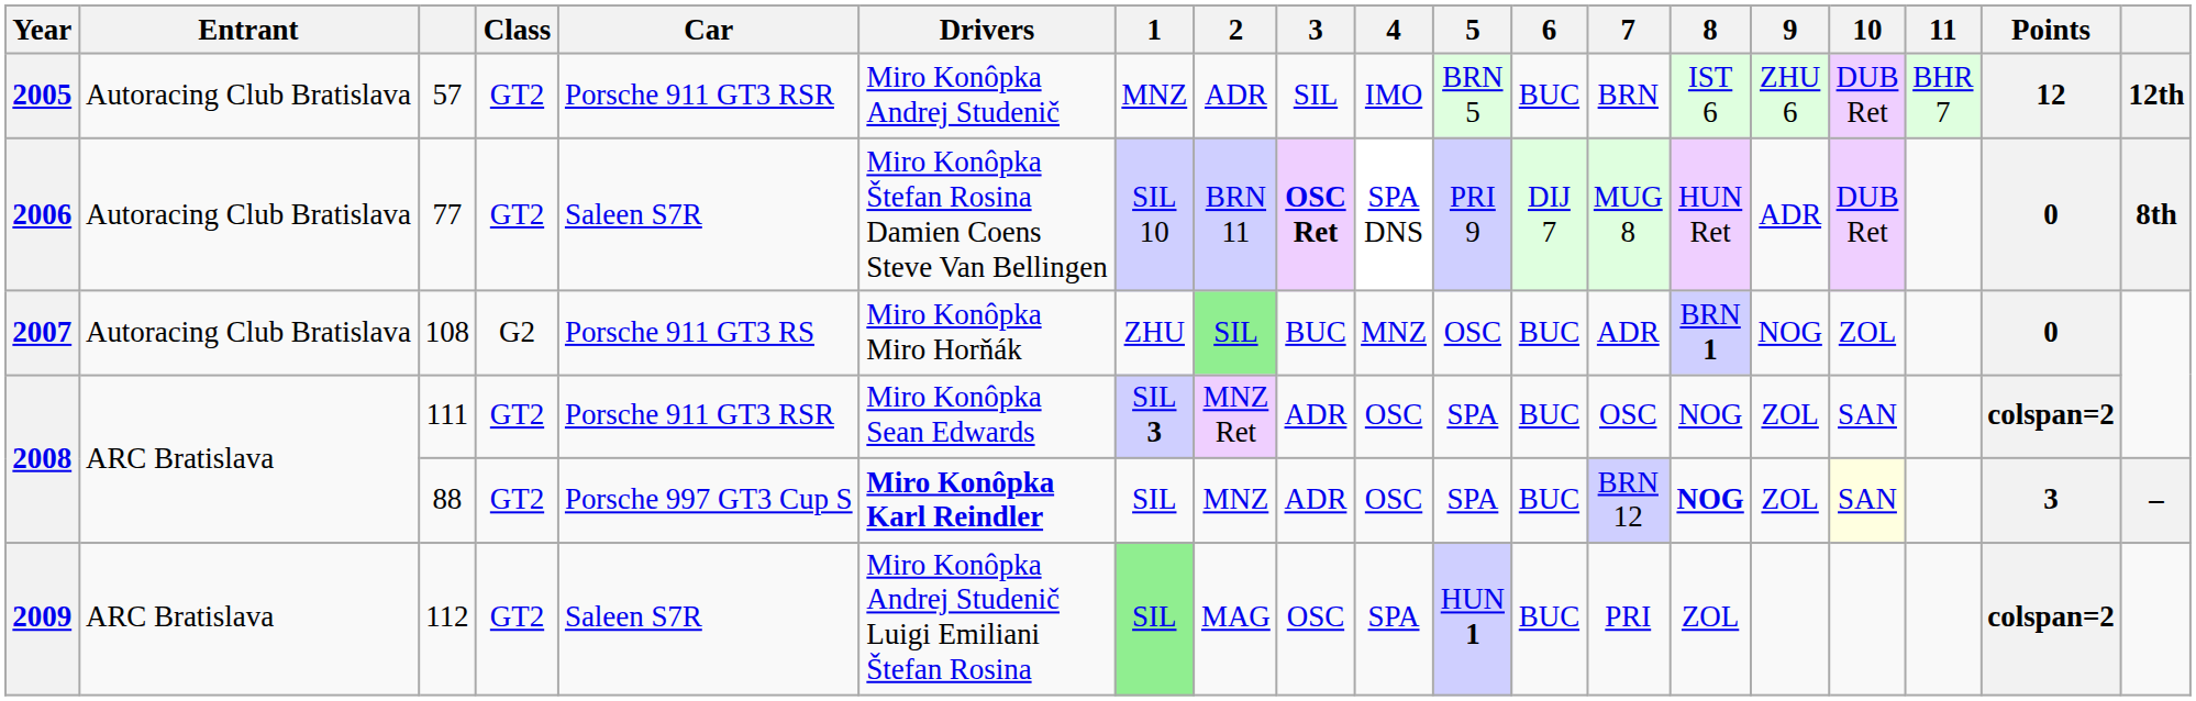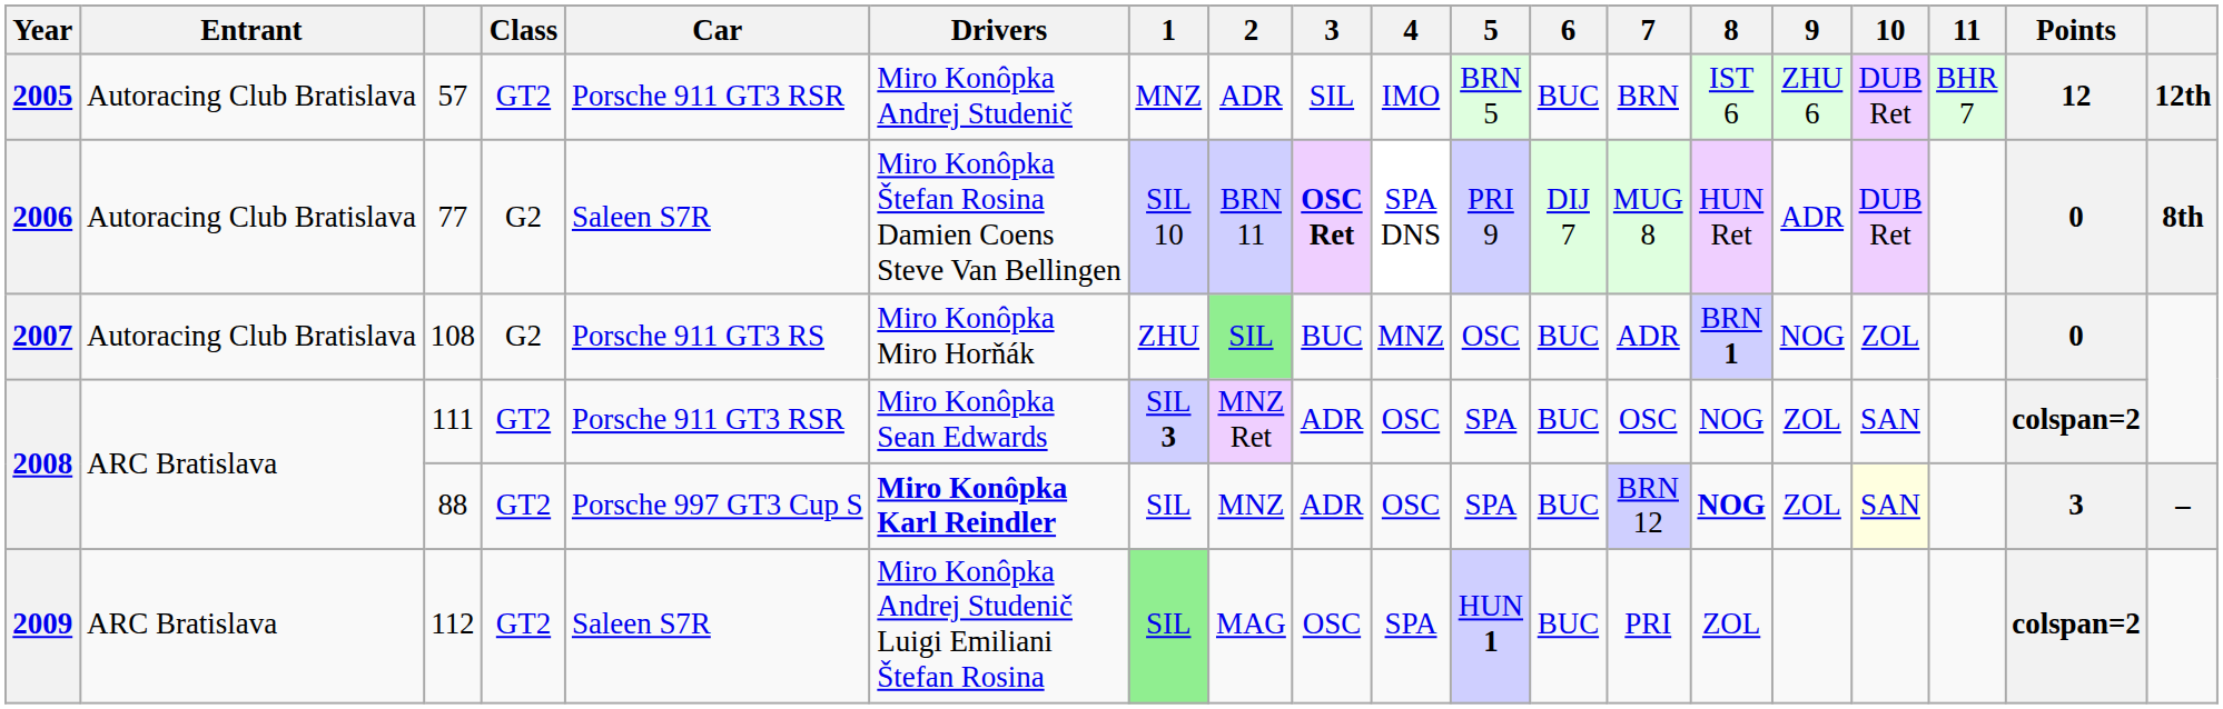 <table class="wikitable" style="text-align:center; font-size:85%">
 <tr>
 <th>Year</th>
 <th>Entrant</th>
 <th></th>
 <th>Class</th>
 <th>Car</th>
 <th>Drivers</th>
 <th>1</th>
 <th>2</th>
 <th>3</th>
 <th>4</th>
 <th>5</th>
 <th>6</th>
 <th>7</th>
 <th>8</th>
 <th>9</th>
 <th>10</th>
 <th>11</th>
 <th>Points</th>
 <th></th>
 </tr>
 <tr>
 <th><a href='#'>2005</a></th>
 <td align="left"> Autoracing Club Bratislava</td>
 <td>57</td>
 <td><a href='#'>GT2</a></td>
 <td align="left"><a href='#'>Porsche 911 GT3 RSR</a></td>
 <td align="left"> <a href='#'>Miro Konôpka</a><br> <a href='#'>Andrej Studenič</a></td>
 <td><a href='#'>MNZ</a></td>
 <td><a href='#'>ADR</a></td>
 <td><a href='#'>SIL</a></td>
 <td><a href='#'>IMO</a></td>
 <td style="background:#dfffdf;"><a href='#'>BRN</a><br>5</td>
 <td><a href='#'>BUC</a></td>
 <td><a href='#'>BRN</a></td>
 <td style="background:#dfffdf;"><a href='#'>IST</a><br>6</td>
 <td style="background:#dfffdf;"><a href='#'>ZHU</a><br>6</td>
 <td style="background-color:#EFCFFF;"><a href='#'>DUB</a><br>Ret</td>
 <td style="background:#dfffdf;"><a href='#'>BHR</a><br>7</td>
 <th>12</th>
 <th>12th</th>
 </tr>
 <tr>
 <th><a href='#'>2006</a></th>
 <td align="left"> Autoracing Club Bratislava</td>
 <td>77</td>
-<td><a href='#'>GT2</a></td>
+<td>G2</td>
 <td align="left"><a href='#'>Saleen S7R</a></td>
 <td align="left"> <a href='#'>Miro Konôpka</a><br> <a href='#'>Štefan Rosina</a><br> Damien Coens<br> Steve Van Bellingen</td>
 <td style="background:#CFCFFF;"><a href='#'>SIL</a><br>10</td>
 <td style="background:#CFCFFF;"><a href='#'>BRN</a><br>11</td>
 <td style="background-color:#EFCFFF;"><strong><a href='#'>OSC</a><br>Ret</strong></td>
 <td style="background:#FFFFFF;"><a href='#'>SPA</a><br>DNS</td>
 <td style="background:#CFCFFF;"><a href='#'>PRI</a><br>9</td>
 <td style="background:#dfffdf;"><a href='#'>DIJ</a><br>7</td>
 <td style="background:#dfffdf;"><a href='#'>MUG</a><br>8</td>
 <td style="background-color:#EFCFFF;"><a href='#'>HUN</a><br>Ret</td>
 <td><a href='#'>ADR</a></td>
 <td style="background-color:#EFCFFF;"><a href='#'>DUB</a><br>Ret</td>
 <td></td>
 <th>0</th>
 <th>8th</th>
 </tr>
 <tr>
 <th><a href='#'>2007</a></th>
 <td align="left"> Autoracing Club Bratislava</td>
 <td>108</td>
 <td>G2</td>
 <td align="left"><a href='#'>Porsche 911 GT3 RS</a></td>
 <td align="left"> <a href='#'>Miro Konôpka</a><br> Miro Horňák</td>
 <td><a href='#'>ZHU</a></td>
 <td style="background: lightgreen;"><a href='#'>SIL</a></td>
 <td><a href='#'>BUC</a></td>
 <td><a href='#'>MNZ</a></td>
 <td><a href='#'>OSC</a></td>
 <td><a href='#'>BUC</a></td>
 <td><a href='#'>ADR</a></td>
 <td style="background:#CFCFFF;"><a href='#'>BRN</a><br><strong>1</strong></td>
 <td><a href='#'>NOG</a></td>
 <td><a href='#'>ZOL</a></td>
 <td></td>
 <th>0</th>
 </tr>
 <tr>
 <th rowspan=2><a href='#'>2008</a></th>
 <td rowspan=2 align="left"> ARC Bratislava</td>
 <td>111</td>
 <td><a href='#'>GT2</a></td>
 <td align="left"><a href='#'>Porsche 911 GT3 RSR</a></td>
 <td align="left"> <a href='#'>Miro Konôpka</a><br> <a href='#'>Sean Edwards</a></td>
 <td style="background:#CFCFFF;"><a href='#'>SIL</a><br><strong>3</strong></td>
 <td style="background-color:#EFCFFF;"><a href='#'>MNZ</a><br>Ret</td>
 <td><a href='#'>ADR</a></td>
 <td><a href='#'>OSC</a></td>
 <td><a href='#'>SPA</a></td>
 <td><a href='#'>BUC</a></td>
 <td><a href='#'>OSC</a></td>
 <td><a href='#'>NOG</a></td>
 <td><a href='#'>ZOL</a></td>
 <td><a href='#'>SAN</a></td>
 <td></td>
 <th>colspan=2 </th>
 </tr>
 <tr>
 <td>88</td>
 <td><a href='#'>GT2</a></td>
 <td align="left"><a href='#'>Porsche 997 GT3 Cup S</a></td>
 <td align="left"><strong> <a href='#'>Miro Konôpka</a><br> <a href='#'>Karl Reindler</a></strong></td>
 <td><a href='#'>SIL</a></td>
 <td><a href='#'>MNZ</a></td>
 <td><a href='#'>ADR</a></td>
 <td><a href='#'>OSC</a></td>
 <td><a href='#'>SPA</a></td>
 <td><a href='#'>BUC</a></td>
 <td style="background:#CFCFFF;"><a href='#'>BRN</a><br>12</td>
 <td><strong><a href='#'>NOG</a></strong></td>
 <td><a href='#'>ZOL</a></td>
 <td style="background: lightyellow;"><a href='#'>SAN</a></td>
 <td></td>
 <th>3</th>
 <th>–</th>
 </tr>
 <tr>
 <th><a href='#'>2009</a></th>
 <td align="left"> ARC Bratislava</td>
 <td>112</td>
 <td><a href='#'>GT2</a></td>
 <td align="left"><a href='#'>Saleen S7R</a></td>
 <td align="left"> <a href='#'>Miro Konôpka</a><br> <a href='#'>Andrej Studenič</a><br> Luigi Emiliani<br> <a href='#'>Štefan Rosina</a></td>
 <td style="background: lightgreen;"><a href='#'>SIL</a></td>
 <td><a href='#'>MAG</a></td>
 <td><a href='#'>OSC</a></td>
 <td><a href='#'>SPA</a></td>
 <td style="background:#CFCFFF;"><a href='#'>HUN</a><br><strong>1</strong></td>
 <td><a href='#'>BUC</a></td>
 <td><a href='#'>PRI</a></td>
 <td><a href='#'>ZOL</a></td>
 <td></td>
 <td></td>
 <td></td>
 <th>colspan=2 </th>
 </tr>
 </table>
